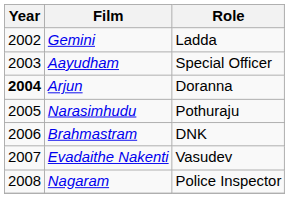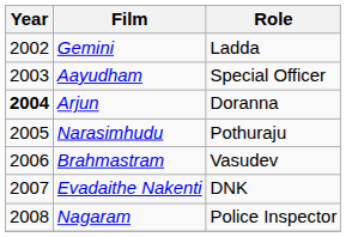 <table class="wikitable sortable">
 <tr>
 <th scope="col">Year</th>
 <th scope="col">Film</th>
 <th scope="col">Role</th>
 </tr>
 <tr>
 <td>2002</td>
 <td><em><a href='#'>Gemini</a></em></td>
 <td>Ladda</td>
 </tr>
 <tr>
 <td>2003</td>
 <td><em><a href='#'>Aayudham</a></em></td>
 <td>Special Officer</td>
 </tr>
 <tr>
 <td><strong>2004</strong></td>
 <td><em><a href='#'>Arjun</a></em></td>
 <td>Doranna</td>
 </tr>
 <tr>
 <td>2005</td>
 <td><em><a href='#'>Narasimhudu</a></em></td>
 <td>Pothuraju</td>
 </tr>
 <tr>
 <td>2006</td>
 <td><em><a href='#'>Brahmastram</a></em></td>
-<td>DNK</td>
+<td>Vasudev</td>
 </tr>
 <tr>
 <td>2007</td>
 <td><em><a href='#'>Evadaithe Nakenti</a></em></td>
-<td>Vasudev</td>
+<td>DNK</td>
 </tr>
 <tr>
 <td>2008</td>
 <td><em><a href='#'>Nagaram</a></em></td>
 <td>Police Inspector</td>
 </tr>
 <tr>
 </tr>
 </table>
